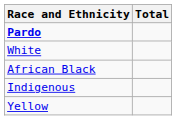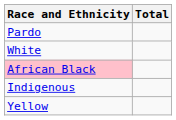 <table class="wikitable sortable collapsible" ; text-align:right; font-size:80%;">
 <tr>
 <th>Race and Ethnicity</th>
 <th colspan="2" data-sort-type="number">Total</th>
 </tr>
 <tr>
-<td><strong><a href='#'>Pardo</a></strong></td>
+<td><a href='#'>Pardo</a></td>
 <td align=right></td>
 </tr>
 <tr>
 <td><a href='#'>White</a></td>
 <td align=right></td>
 </tr>
 <tr>
-<td><a href='#'>African Black</a></td>
+<td style="background: pink;"><a href='#'>African Black</a></td>
 <td align=right></td>
 </tr>
 <tr>
 <td><a href='#'>Indigenous</a></td>
 <td align=right></td>
 </tr>
 <tr>
 <td><a href='#'>Yellow</a></td>
 <td align=right></td>
 </tr>
 </table>
